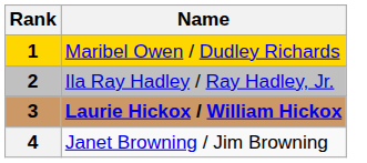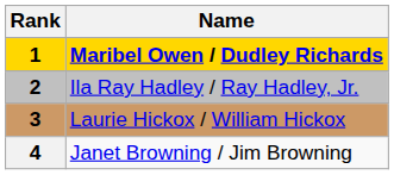 <table class="wikitable">
 <tr>
 <th>Rank</th>
 <th>Name</th>
 </tr>
 <tr bgcolor="gold">
 <td align="center"><strong>1</strong></td>
-<td><a href='#'>Maribel Owen</a> / <a href='#'>Dudley Richards</a></td>
+<td><strong><a href='#'>Maribel Owen</a> / <a href='#'>Dudley Richards</a></strong></td>
 </tr>
 <tr bgcolor="silver">
 <td align="center"><strong>2</strong></td>
 <td><a href='#'>Ila Ray Hadley</a> / <a href='#'>Ray Hadley, Jr.</a></td>
 </tr>
 <tr bgcolor="cc9966">
 <td align="center"><strong>3</strong></td>
-<td><strong><a href='#'>Laurie Hickox</a> / <a href='#'>William Hickox</a></strong></td>
+<td><a href='#'>Laurie Hickox</a> / <a href='#'>William Hickox</a></td>
 </tr>
 <tr>
 <th>4</th>
 <td><a href='#'>Janet Browning</a> / Jim Browning</td>
 </tr>
 </table>
